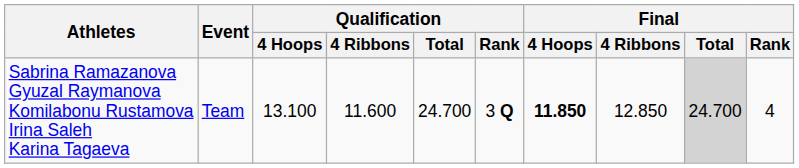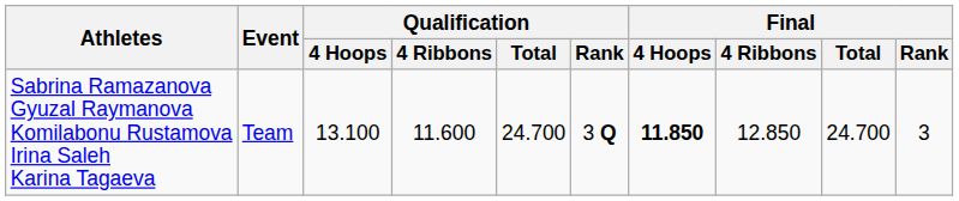 <table class="wikitable" style="font-size:90%">
 <tr>
 <th rowspan="2">Athletes</th>
 <th rowspan="2">Event</th>
 <th colspan="4">Qualification</th>
 <th colspan="4">Final</th>
 </tr>
 <tr style="font-size:95%">
 <th>4 Hoops</th>
 <th>4 Ribbons</th>
 <th>Total</th>
 <th>Rank</th>
 <th>4 Hoops</th>
 <th>4 Ribbons</th>
 <th>Total</th>
 <th>Rank</th>
 </tr>
 <tr align=center>
 <td align=left><a href='#'>Sabrina Ramazanova</a><br><a href='#'>Gyuzal Raymanova</a><br><a href='#'>Komilabonu Rustamova</a><br><a href='#'>Irina Saleh</a><br><a href='#'>Karina Tagaeva</a></td>
 <td align=left><a href='#'>Team</a></td>
 <td>13.100</td>
 <td>11.600</td>
 <td>24.700</td>
 <td>3 <strong>Q</strong></td>
 <td><strong>11.850</strong></td>
 <td>12.850</td>
-<td style="background: lightgrey;">24.700</td>
-<td>4</td>
+<td>24.700</td>
+<td>3</td>
 </tr>
 </table>
